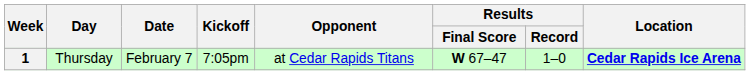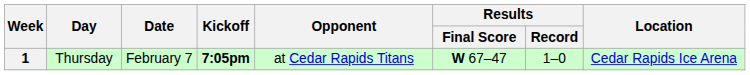 <table class="wikitable">
 <tr>
 <th rowspan="2" width="40">Week</th>
 <th rowspan="2" width="80">Day</th>
 <th rowspan="2" width="80">Date</th>
 <th rowspan="2" width="60">Kickoff</th>
 <th rowspan="2" width="200">Opponent</th>
 <th colspan="2" width="160">Results</th>
 <th rowspan="2" width="180">Location</th>
 </tr>
 <tr>
 <th width="100">Final Score</th>
 <th width="60">Record</th>
 </tr>
 <tr align="center" bgcolor="#CCFFCC">
 <th>1</th>
 <td>Thursday</td>
 <td>February 7</td>
-<td>7:05pm</td>
+<td><strong>7:05pm</strong></td>
 <td>at <a href='#'>Cedar Rapids Titans</a></td>
 <td><strong>W</strong> 67–47</td>
 <td>1–0</td>
-<td><strong><a href='#'>Cedar Rapids Ice Arena</a></strong></td>
+<td><a href='#'>Cedar Rapids Ice Arena</a></td>
 </tr>
 </table>
